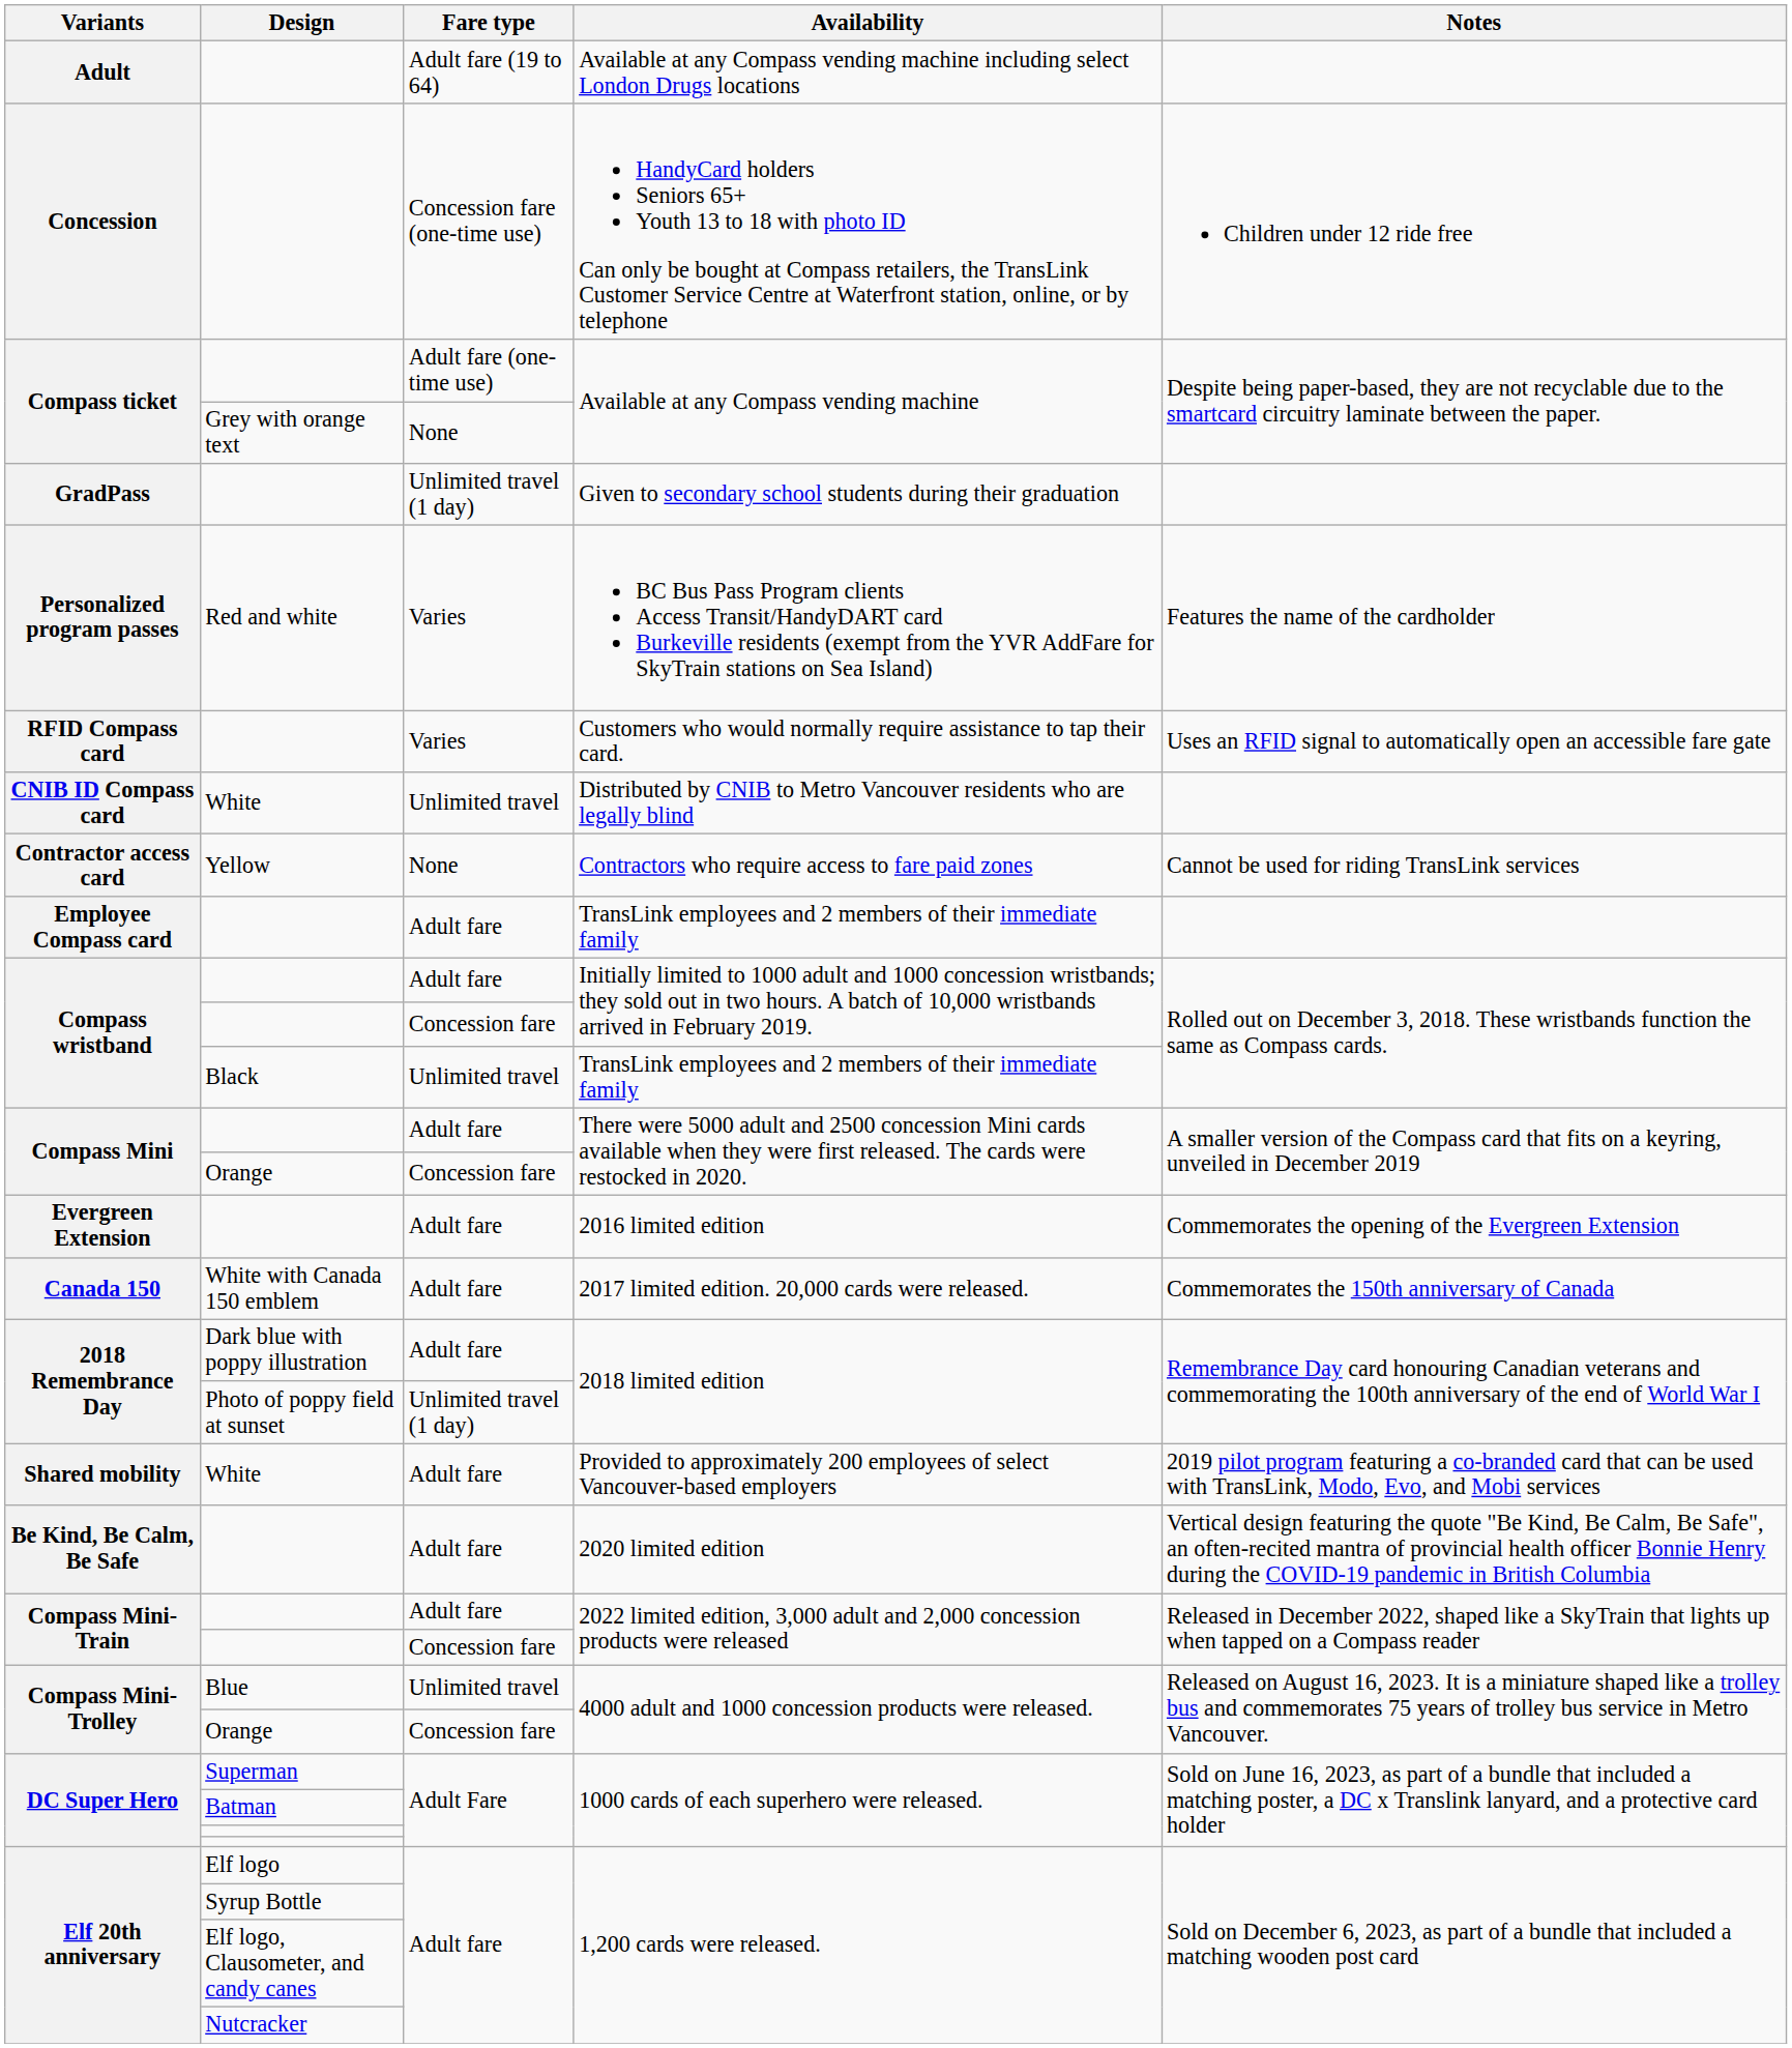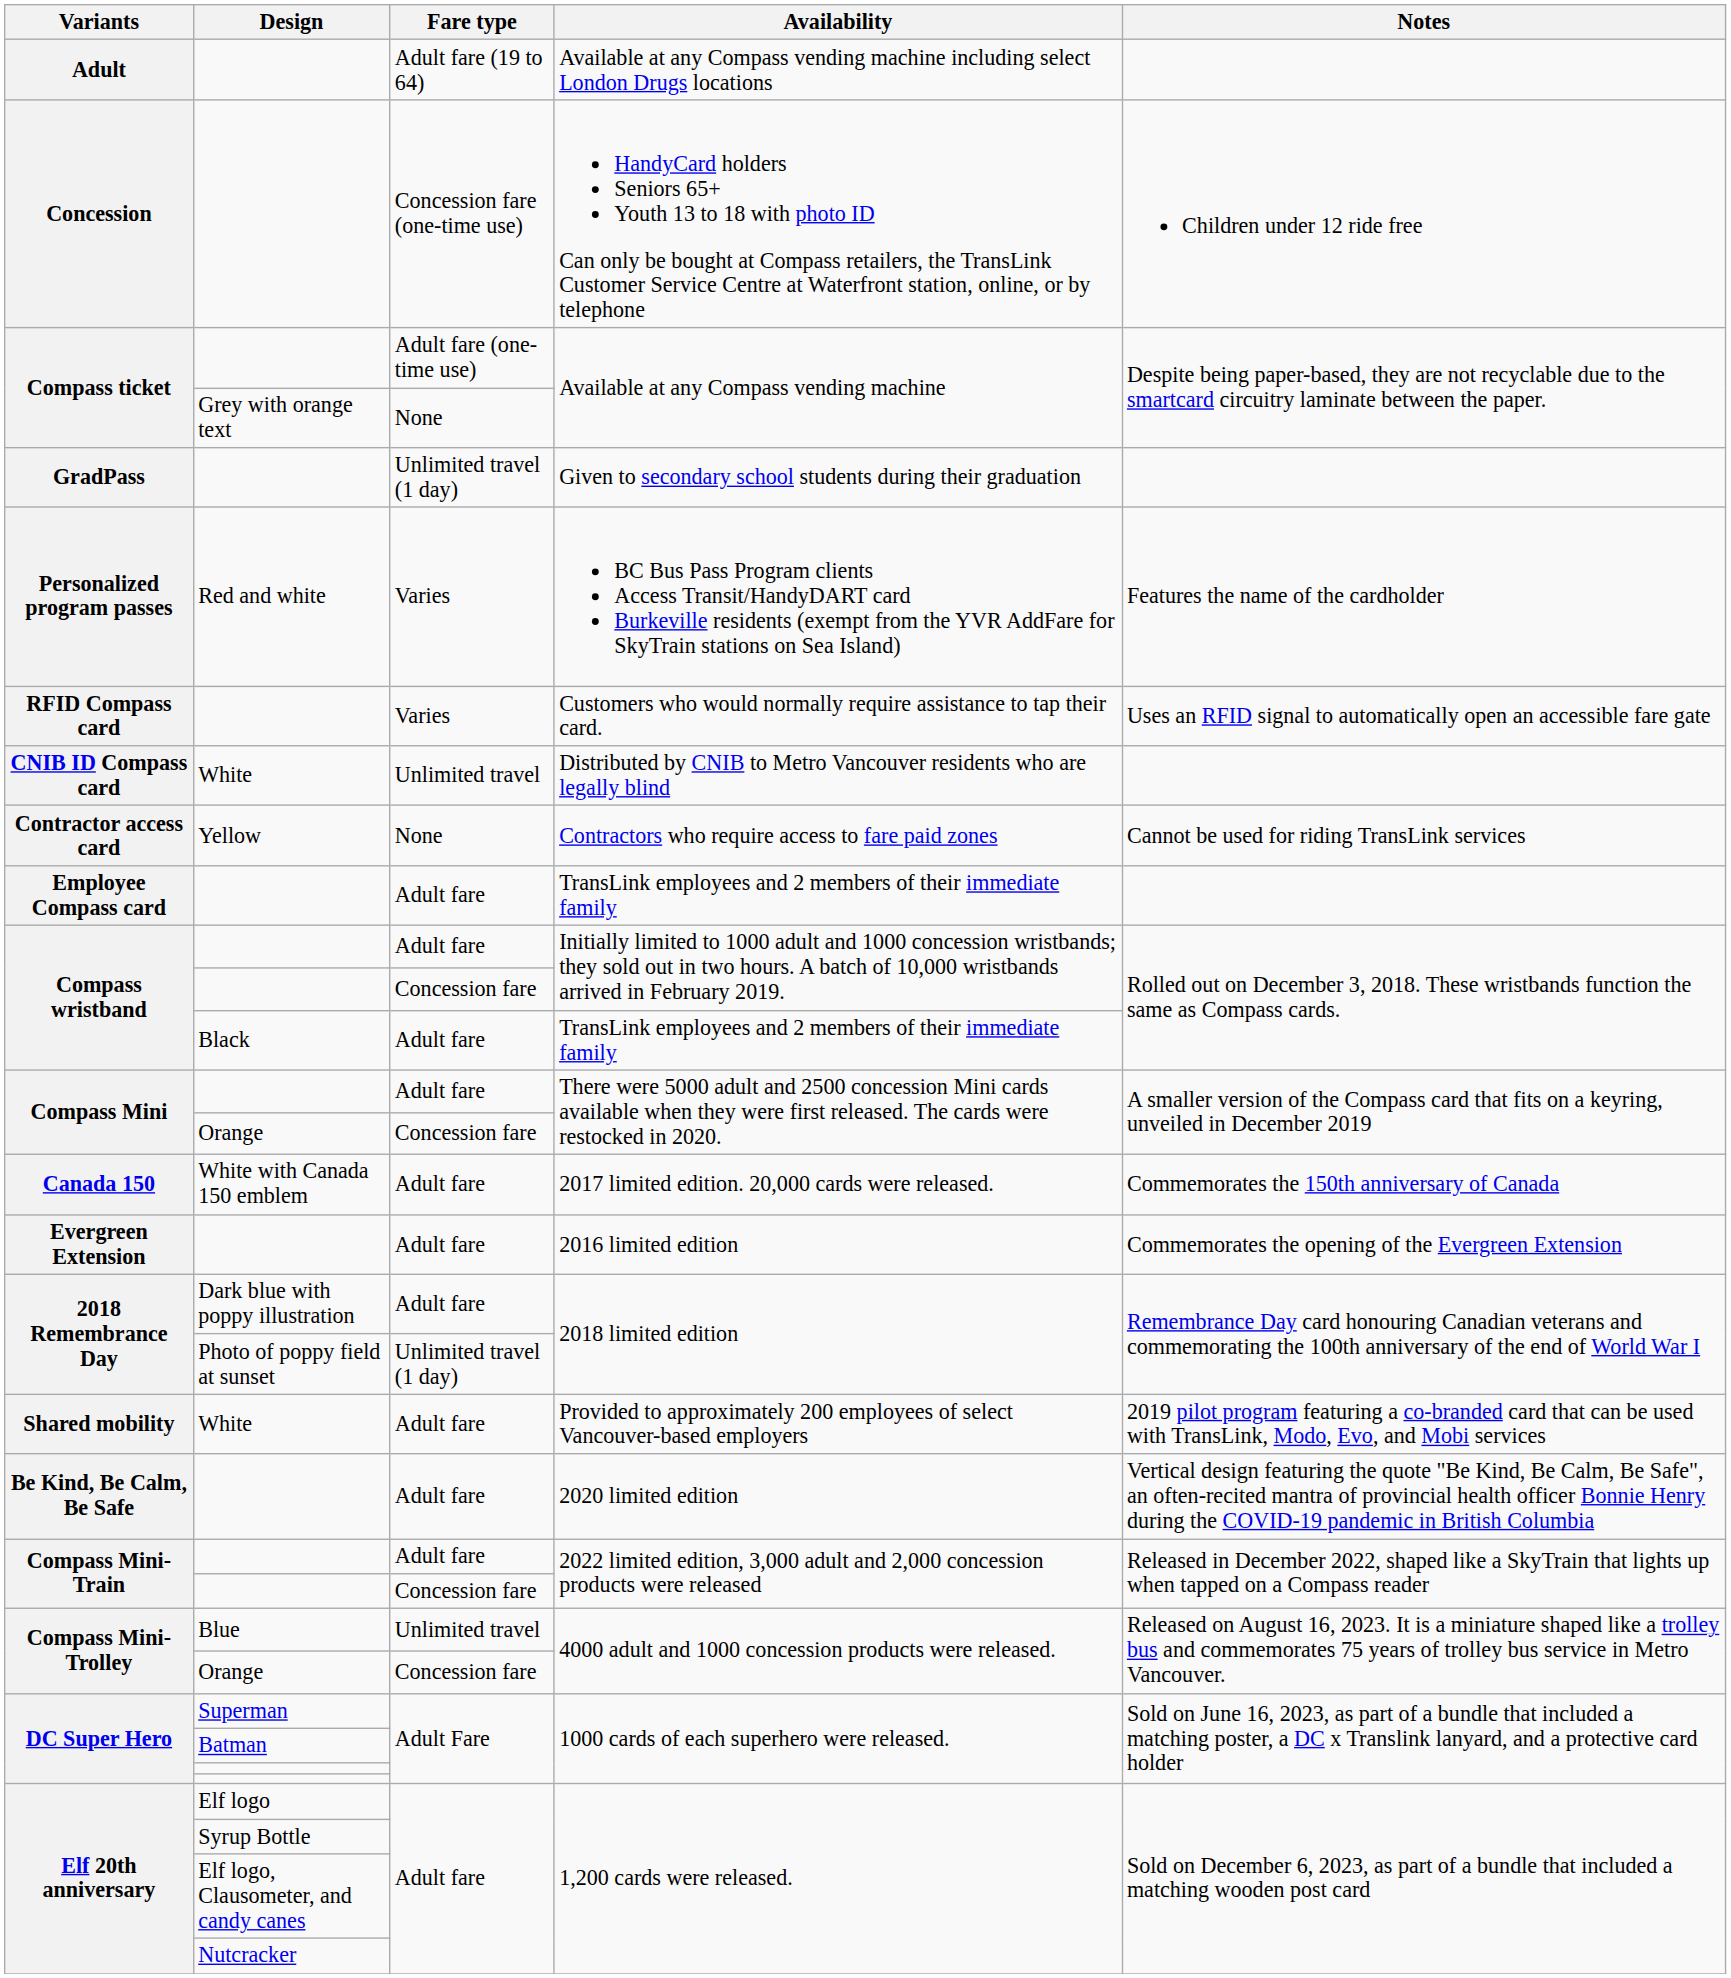 <table class="wikitable">
 <tr>
 <th scope="col">Variants</th>
 <th scope="col">Design</th>
 <th scope="col">Fare type</th>
 <th scope="col">Availability</th>
 <th scope="col">Notes</th>
 </tr>
 <tr>
 <th>Adult</th>
 <td></td>
 <td>Adult fare (19 to 64)</td>
 <td>Available at any Compass vending machine including select <a href='#'>London Drugs</a> locations</td>
 <td></td>
 </tr>
 <tr>
 <th>Concession</th>
 <td></td>
 <td>Concession fare (one-time use)</td>
 <td><br><ul><li><a href='#'>HandyCard</a> holders</li><li>Seniors 65+</li><li>Youth 13 to 18 with <a href='#'>photo ID</a></li></ul>Can only be bought at Compass retailers, the TransLink Customer Service Centre at Waterfront station, online, or by telephone</td>
 <td><br><ul><li>Children under 12 ride free</li></ul></td>
 </tr>
 <tr>
 <th rowspan="2">Compass ticket</th>
 <td></td>
 <td>Adult fare (one-time use)</td>
 <td rowspan="2">Available at any Compass vending machine</td>
 <td rowspan="2">Despite being paper-based, they are not recyclable due to the <a href='#'>smartcard</a> circuitry laminate between the paper.</td>
 </tr>
 <tr>
 <td>Grey with orange text</td>
 <td>None</td>
 </tr>
 <tr>
 <th>GradPass</th>
 <td></td>
 <td>Unlimited travel (1 day)</td>
 <td>Given to <a href='#'>secondary school</a> students during their graduation</td>
 <td></td>
 </tr>
 <tr>
 <th>Personalized program passes</th>
 <td>Red and white </td>
 <td>Varies</td>
 <td><br><ul><li>BC Bus Pass Program clients</li><li>Access Transit/HandyDART card</li><li><a href='#'>Burkeville</a> residents (exempt from the YVR AddFare for SkyTrain stations on Sea Island)</li></ul></td>
 <td>Features the name of the cardholder</td>
 </tr>
 <tr>
 <th>RFID Compass card</th>
 <td></td>
 <td>Varies</td>
 <td>Customers who would normally require assistance to tap their card.</td>
 <td>Uses an <a href='#'>RFID</a> signal to automatically open an accessible fare gate</td>
 </tr>
 <tr>
 <th><a href='#'>CNIB ID</a> Compass card</th>
 <td>White</td>
 <td>Unlimited travel</td>
 <td>Distributed by <a href='#'>CNIB</a> to Metro Vancouver residents who are <a href='#'>legally blind</a></td>
 <td></td>
 </tr>
 <tr>
 <th>Contractor access card</th>
 <td>Yellow</td>
 <td>None</td>
 <td><a href='#'>Contractors</a> who require access to <a href='#'>fare paid zones</a></td>
 <td>Cannot be used for riding TransLink services</td>
 </tr>
 <tr>
 <th>Employee Compass card</th>
 <td></td>
 <td>Adult fare</td>
 <td>TransLink employees and 2 members of their <a href='#'>immediate family</a></td>
 <td></td>
 </tr>
 <tr>
 <th rowspan="3">Compass wristband</th>
 <td></td>
 <td>Adult fare</td>
 <td rowspan="2">Initially limited to 1000 adult and 1000 concession wristbands; they sold out in two hours. A batch of 10,000 wristbands arrived in February 2019.</td>
 <td rowspan="3">Rolled out on December 3, 2018. These wristbands function the same as Compass cards.</td>
 </tr>
 <tr>
 <td></td>
 <td>Concession fare</td>
 </tr>
 <tr>
 <td>Black</td>
-<td>Unlimited travel</td>
+<td>Adult fare</td>
 <td>TransLink employees and 2 members of their <a href='#'>immediate family</a></td>
 </tr>
 <tr>
 <th rowspan="2">Compass Mini</th>
 <td></td>
 <td>Adult fare</td>
 <td rowspan="2">There were 5000 adult and 2500 concession Mini cards available when they were first released. The cards were restocked in 2020.</td>
 <td rowspan="2">A smaller version of the Compass card that fits on a keyring, unveiled in December 2019</td>
 </tr>
 <tr>
 <td>Orange</td>
 <td>Concession fare<br> </td>
 </tr>
 <tr>
+<th><a href='#'>Canada 150</a></th>
+<td>White with Canada 150 emblem</td>
+<td>Adult fare</td>
+<td>2017 limited edition. 20,000 cards were released.</td>
+<td>Commemorates the <a href='#'>150th anniversary of Canada</a></td>
+</tr>
+<tr>
 <th>Evergreen Extension</th>
 <td></td>
 <td>Adult fare</td>
 <td>2016 limited edition</td>
 <td>Commemorates the opening of the <a href='#'>Evergreen Extension</a></td>
-</tr>
-<tr>
-<th><a href='#'>Canada 150</a></th>
-<td>White with Canada 150 emblem</td>
-<td>Adult fare</td>
-<td>2017 limited edition. 20,000 cards were released.</td>
-<td>Commemorates the <a href='#'>150th anniversary of Canada</a></td>
 </tr>
 <tr>
 <th rowspan="2">2018 Remembrance Day</th>
 <td>Dark blue with poppy illustration</td>
 <td>Adult fare</td>
 <td rowspan="2">2018 limited edition</td>
 <td rowspan="2"><a href='#'>Remembrance Day</a> card honouring Canadian veterans and commemorating the 100th anniversary of the end of <a href='#'>World War I</a></td>
 </tr>
 <tr>
 <td>Photo of poppy field at sunset</td>
 <td>Unlimited travel (1 day)</td>
 </tr>
 <tr>
 <th>Shared mobility</th>
 <td>White</td>
 <td>Adult fare</td>
 <td>Provided to approximately 200 employees of select Vancouver-based employers</td>
 <td>2019 <a href='#'>pilot program</a> featuring a <a href='#'>co-branded</a> card that can be used with TransLink, <a href='#'>Modo</a>, <a href='#'>Evo</a>, and <a href='#'>Mobi</a> services</td>
 </tr>
 <tr>
 <th>Be Kind, Be Calm, Be Safe</th>
 <td></td>
 <td>Adult fare</td>
 <td>2020 limited edition</td>
 <td>Vertical design featuring the quote "Be Kind, Be Calm, Be Safe", an often-recited mantra of provincial health officer <a href='#'>Bonnie Henry</a> during the <a href='#'>COVID-19 pandemic in British Columbia</a></td>
 </tr>
 <tr>
 <th rowspan="2">Compass Mini-Train</th>
 <td></td>
 <td>Adult fare</td>
 <td rowspan="2">2022 limited edition, 3,000 adult and 2,000 concession products were released</td>
 <td rowspan="2">Released in December 2022, shaped like a SkyTrain that lights up when tapped on a Compass reader</td>
 </tr>
 <tr>
 <td></td>
 <td>Concession fare</td>
 </tr>
 <tr>
 <th rowspan="2">Compass Mini-Trolley</th>
 <td>Blue</td>
 <td>Unlimited travel</td>
 <td rowspan="2">4000 adult and 1000 concession products were released.</td>
 <td rowspan="2">Released on August 16, 2023. It is a miniature shaped like a <a href='#'>trolley bus</a> and commemorates 75 years of trolley bus service in Metro Vancouver.</td>
 </tr>
 <tr>
 <td>Orange</td>
 <td>Concession fare</td>
 </tr>
 <tr>
 <th rowspan="4"><a href='#'>DC Super Hero</a></th>
 <td><a href='#'>Superman</a></td>
 <td rowspan="4">Adult Fare</td>
 <td rowspan="4">1000 cards of each superhero were released.</td>
 <td rowspan="4">Sold on June 16, 2023, as part of a bundle that included a matching poster, a <a href='#'>DC</a> x Translink lanyard, and a protective card holder</td>
 </tr>
 <tr>
 <td><a href='#'>Batman</a></td>
 </tr>
 <tr>
 <td></td>
 </tr>
 <tr>
 <td></td>
 </tr>
 <tr>
 <th rowspan="4"><a href='#'>Elf</a> 20th anniversary</th>
 <td>Elf logo</td>
 <td rowspan="4">Adult fare</td>
 <td rowspan="4">1,200 cards were released.</td>
 <td rowspan="4">Sold on December 6, 2023, as part of a bundle that included a matching wooden post card</td>
 </tr>
 <tr>
 <td>Syrup Bottle</td>
 </tr>
 <tr>
 <td>Elf logo, Clausometer, and <a href='#'>candy canes</a></td>
 </tr>
 <tr>
 <td><a href='#'>Nutcracker</a></td>
 </tr>
 </table>
